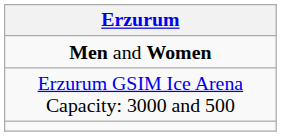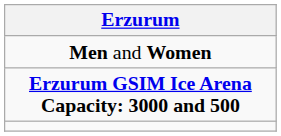 <table class="wikitable" style="text-align:center;" width=220px>
 <tr>
 <th width=220px><a href='#'>Erzurum</a></th>
 </tr>
 <tr>
 <td><strong>Men</strong> and <strong>Women</strong></td>
 </tr>
 <tr>
-<td><a href='#'>Erzurum GSIM Ice Arena</a><br>Capacity: 3000 and 500</td>
+<td><strong><a href='#'>Erzurum GSIM Ice Arena</a><br>Capacity: 3000 and 500</strong></td>
 </tr>
 <tr>
 <td></td>
 </tr>
 </table>
